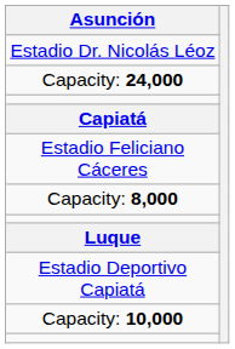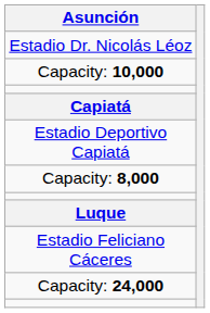 <table class=wikitable style="text-align:center">
 <tr>
 <th width=175><a href='#'>Asunción</a></th>
 <th rowspan=12><br></th>
 </tr>
 <tr>
 <td><a href='#'>Estadio Dr. Nicolás Léoz</a></td>
 </tr>
 <tr>
-<td>Capacity: <strong>24,000</strong></td>
+<td>Capacity: <strong>10,000</strong></td>
 </tr>
 <tr>
 <td></td>
 </tr>
 <tr>
 <th><a href='#'>Capiatá</a></th>
 </tr>
 <tr>
-<td><a href='#'>Estadio Feliciano Cáceres</a></td>
+<td><a href='#'>Estadio Deportivo Capiatá</a></td>
 </tr>
 <tr>
 <td>Capacity: <strong>8,000</strong></td>
 </tr>
 <tr>
 <td></td>
 </tr>
 <tr>
 <th><a href='#'>Luque</a></th>
 </tr>
 <tr>
-<td><a href='#'>Estadio Deportivo Capiatá</a></td>
+<td><a href='#'>Estadio Feliciano Cáceres</a></td>
 </tr>
 <tr>
-<td>Capacity: <strong>10,000</strong></td>
+<td>Capacity: <strong>24,000</strong></td>
 </tr>
 <tr>
 <td></td>
 </tr>
 </table>
